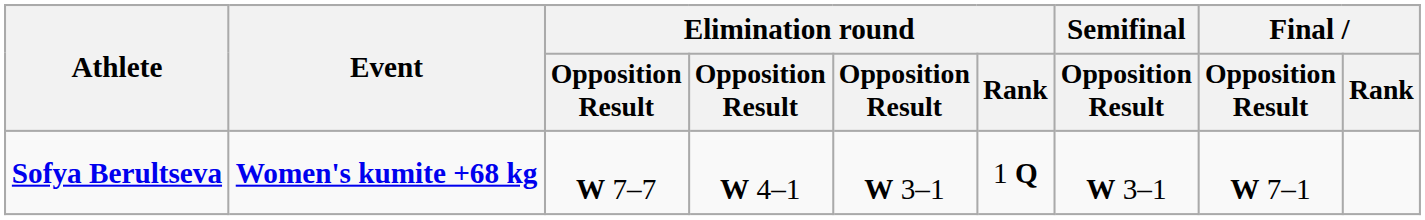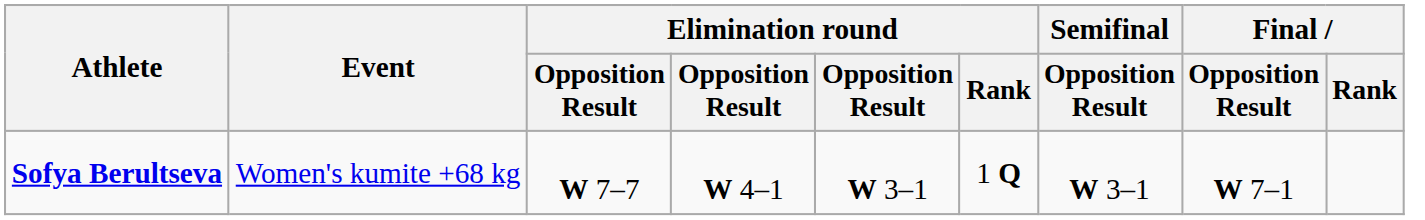 <table class=wikitable style=font-size:90%;text-align:center>
 <tr>
 <th rowspan=2>Athlete</th>
 <th rowspan=2>Event</th>
 <th colspan=4>Elimination round</th>
 <th>Semifinal</th>
 <th colspan=2>Final / </th>
 </tr>
 <tr style=font-size:95%>
 <th>Opposition<br>Result</th>
 <th>Opposition<br>Result</th>
 <th>Opposition<br>Result</th>
 <th>Rank</th>
 <th>Opposition<br>Result</th>
 <th>Opposition<br>Result</th>
 <th>Rank</th>
 </tr>
 <tr>
 <td align=left><strong><a href='#'>Sofya Berultseva</a></strong></td>
-<td align=left><strong><a href='#'>Women's kumite +68 kg</a></strong></td>
+<td align=left><a href='#'>Women's kumite +68 kg</a></td>
 <td><br><strong>W</strong> 7–7</td>
 <td><br><strong>W</strong> 4–1</td>
 <td><br><strong>W</strong> 3–1</td>
 <td>1 <strong>Q</strong></td>
 <td><br><strong>W</strong> 3–1</td>
 <td><br><strong>W</strong> 7–1</td>
 <td></td>
 </tr>
 </table>
